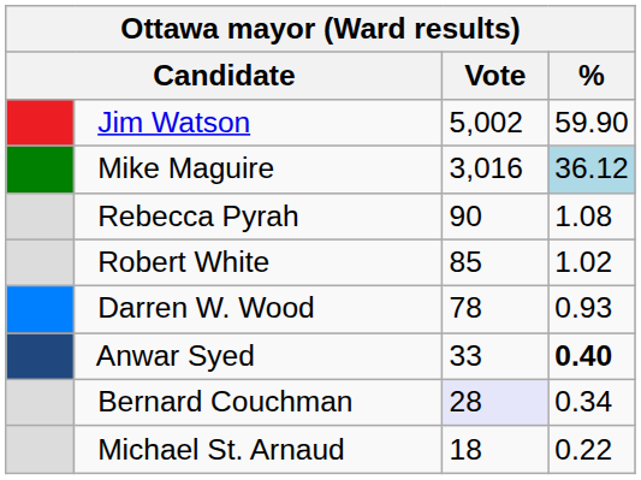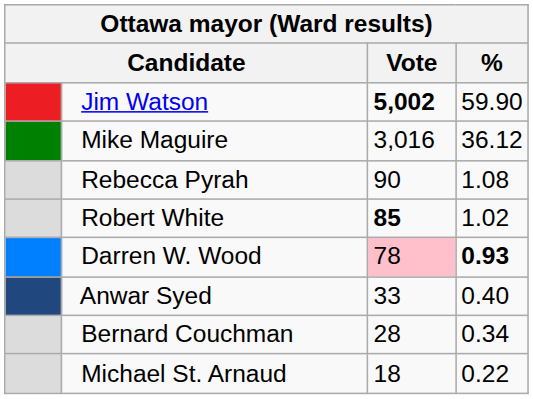 <table class="wikitable">
 <tr>
 <th colspan="4">Ottawa mayor (Ward results)</th>
 </tr>
 <tr>
 <th bgcolor="#DDDDFF" width="230px" colspan="2">Candidate</th>
 <th bgcolor="#DDDDFF" width="50px">Vote</th>
 <th bgcolor="#DDDDFF" width="30px">%</th>
 </tr>
 <tr>
 <td bgcolor=#ED1D24 width="30px"> </td>
 <td>  <a href='#'>Jim Watson</a></td>
-<td>5,002</td>
+<td><strong>5,002</strong></td>
 <td>59.90</td>
 </tr>
 <tr>
 <td bgcolor=#008000 width="30px"> </td>
 <td>  Mike Maguire</td>
 <td>3,016</td>
-<td style="background: lightblue;">36.12</td>
+<td>36.12</td>
 </tr>
 <tr>
 <td bgcolor=#DCDCDC width="30px"> </td>
 <td>  Rebecca Pyrah</td>
 <td>90</td>
 <td>1.08</td>
 </tr>
 <tr>
 <td bgcolor=#DCDCDC width="30px"> </td>
 <td>  Robert White</td>
-<td>85</td>
+<td><strong>85</strong></td>
 <td>1.02</td>
 </tr>
 <tr>
 <td bgcolor=#007FFF width="30px"> </td>
 <td>  Darren W. Wood</td>
-<td>78</td>
-<td>0.93</td>
+<td style="background: pink;">78</td>
+<td><strong>0.93</strong></td>
 </tr>
 <tr>
 <td bgcolor=#20487E width="30px"> </td>
 <td>  Anwar Syed</td>
 <td>33</td>
-<td><strong>0.40</strong></td>
+<td>0.40</td>
 </tr>
 <tr>
 <td bgcolor=#DCDCDC width="30px"> </td>
 <td>  Bernard Couchman</td>
-<td style="background: lavender;">28</td>
+<td>28</td>
 <td>0.34</td>
 </tr>
 <tr>
 <td bgcolor=#DCDCDC width="30px"> </td>
 <td>  Michael St. Arnaud</td>
 <td>18</td>
 <td>0.22</td>
 </tr>
 </table>
